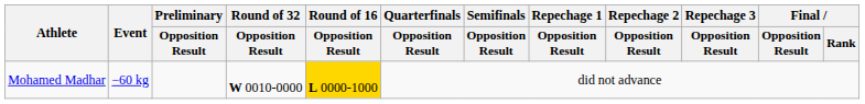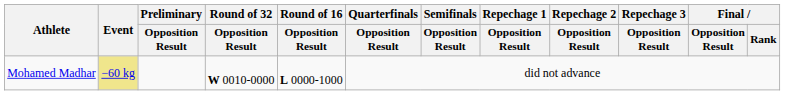 <table class="wikitable" style="font-size:90%">
 <tr>
 <th rowspan="2">Athlete</th>
 <th rowspan="2">Event</th>
 <th>Preliminary</th>
 <th>Round of 32</th>
 <th>Round of 16</th>
 <th>Quarterfinals</th>
 <th>Semifinals</th>
 <th>Repechage 1</th>
 <th>Repechage 2</th>
 <th>Repechage 3</th>
 <th colspan=2>Final / </th>
 </tr>
 <tr style="font-size:95%">
 <th>Opposition<br>Result</th>
 <th>Opposition<br>Result</th>
 <th>Opposition<br>Result</th>
 <th>Opposition<br>Result</th>
 <th>Opposition<br>Result</th>
 <th>Opposition<br>Result</th>
 <th>Opposition<br>Result</th>
 <th>Opposition<br>Result</th>
 <th>Opposition<br>Result</th>
 <th>Rank</th>
 </tr>
 <tr align=center>
 <td align=left><a href='#'>Mohamed Madhar</a></td>
-<td align=left><a href='#'>−60 kg</a></td>
+<td align=left style="background: khaki;"><a href='#'>−60 kg</a></td>
 <td></td>
 <td><br><strong>W</strong> 0010-0000</td>
-<td style="background: gold;"><br><strong>L</strong> 0000-1000</td>
+<td><br><strong>L</strong> 0000-1000</td>
 <td colspan=7>did not advance</td>
 </tr>
 </table>
